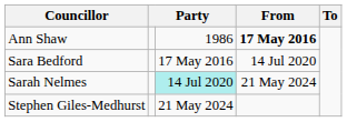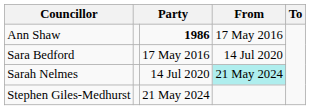 <table class=wikitable>
 <tr>
 <th>Councillor</th>
 <th colspan=2>Party</th>
 <th>From</th>
 <th>To</th>
 </tr>
 <tr>
 <td>Ann Shaw</td>
 <td></td>
-<td align=right>1986</td>
-<td align=right><strong>17 May 2016</strong></td>
+<td align=right><strong>1986</strong></td>
+<td align=right>17 May 2016</td>
 </tr>
 <tr>
 <td>Sara Bedford</td>
 <td></td>
 <td align=right>17 May 2016</td>
 <td align=right>14 Jul 2020</td>
 </tr>
 <tr>
 <td>Sarah Nelmes</td>
 <td></td>
-<td align=right style="background: paleturquoise;">14 Jul 2020</td>
-<td align=right>21 May 2024</td>
+<td align=right>14 Jul 2020</td>
+<td align=right style="background: paleturquoise;">21 May 2024</td>
 </tr>
 <tr>
 <td>Stephen Giles-Medhurst</td>
 <td></td>
 <td align=right>21 May 2024</td>
 <td align=right></td>
 </tr>
 </table>
